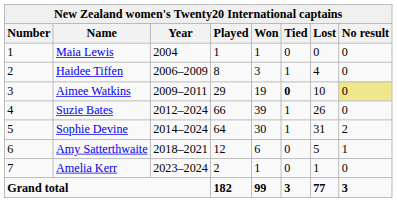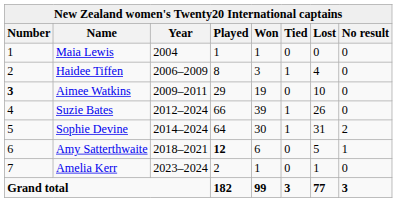 <table class="wikitable sortable">
 <tr>
 <th style="background:#efefef;" colspan="8">New Zealand women's Twenty20 International captains</th>
 </tr>
 <tr style="background:#efefef;">
 <th>Number</th>
 <th>Name</th>
 <th>Year</th>
 <th>Played</th>
 <th>Won</th>
 <th>Tied</th>
 <th>Lost</th>
 <th>No result</th>
 </tr>
 <tr>
 <td>1</td>
 <td><a href='#'>Maia Lewis</a></td>
 <td>2004</td>
 <td>1</td>
 <td>1</td>
 <td>0</td>
 <td>0</td>
 <td>0</td>
 </tr>
 <tr>
 <td>2</td>
 <td><a href='#'>Haidee Tiffen</a></td>
 <td>2006–2009</td>
 <td>8</td>
 <td>3</td>
 <td>1</td>
 <td>4</td>
 <td>0</td>
 </tr>
 <tr>
-<td>3</td>
+<td><strong>3</strong></td>
 <td><a href='#'>Aimee Watkins</a></td>
 <td>2009–2011</td>
 <td>29</td>
 <td>19</td>
-<td><strong>0</strong></td>
+<td>0</td>
 <td>10</td>
-<td style="background: khaki;">0</td>
+<td>0</td>
 </tr>
 <tr>
 <td>4</td>
 <td><a href='#'>Suzie Bates</a></td>
 <td>2012–2024</td>
 <td>66</td>
 <td>39</td>
 <td>1</td>
 <td>26</td>
 <td>0</td>
 </tr>
 <tr>
 <td>5</td>
 <td><a href='#'>Sophie Devine</a></td>
 <td>2014–2024</td>
 <td>64</td>
 <td>30</td>
 <td>1</td>
 <td>31</td>
 <td>2</td>
 </tr>
 <tr>
 <td>6</td>
 <td><a href='#'>Amy Satterthwaite</a></td>
 <td>2018–2021</td>
-<td>12</td>
+<td><strong>12</strong></td>
 <td>6</td>
 <td>0</td>
 <td>5</td>
 <td>1</td>
 </tr>
 <tr>
 <td>7</td>
 <td><a href='#'>Amelia Kerr</a></td>
 <td>2023–2024</td>
 <td>2</td>
 <td>1</td>
 <td>0</td>
 <td>1</td>
 <td>0</td>
 </tr>
 <tr>
 <td colspan=3><strong>Grand total</strong></td>
 <td><strong>182</strong></td>
 <td><strong>99</strong></td>
 <td><strong>3</strong></td>
 <td><strong>77</strong></td>
 <td><strong>3</strong></td>
 </tr>
 </table>
